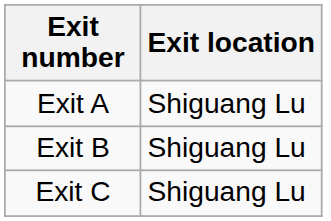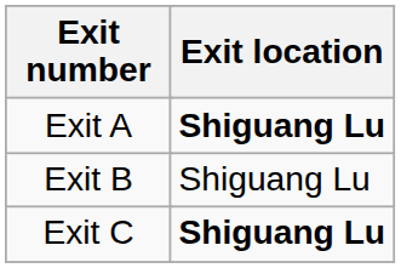 <table class="wikitable">
 <tr>
 <th style="width:70px" colspan="2">Exit number</th>
 <th>Exit location</th>
 </tr>
 <tr>
 <td align="center" colspan="2">Exit A</td>
-<td>Shiguang Lu</td>
+<td><strong>Shiguang Lu</strong></td>
 </tr>
 <tr>
 <td align="center" colspan="2">Exit B</td>
 <td>Shiguang Lu</td>
 </tr>
 <tr>
 <td align="center" colspan="2">Exit C</td>
-<td>Shiguang Lu</td>
+<td><strong>Shiguang Lu</strong></td>
 </tr>
 </table>
